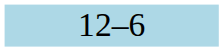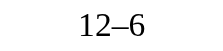 <table style="text-align:center">
 <tr>
 <th width=200></th>
 <th width=100></th>
 <th width=200></th>
 </tr>
 <tr>
 <td align=right><strong></strong></td>
-<td style="background: lightblue;">12–6</td>
+<td>12–6</td>
 <td align=left></td>
 </tr>
 </table>
